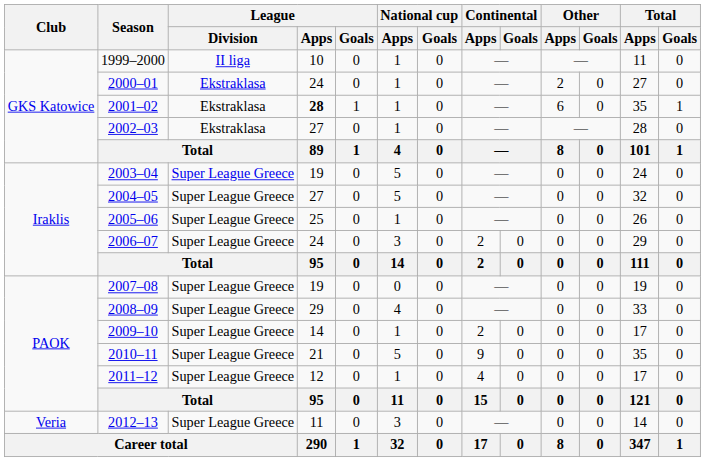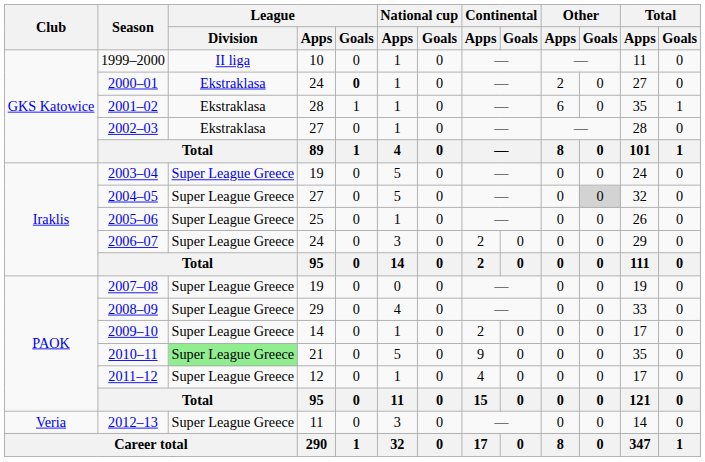 <table class="wikitable" style="text-align: center;">
 <tr>
 <th rowspan=2>Club</th>
 <th rowspan=2>Season</th>
 <th colspan=3>League</th>
 <th colspan=2>National cup</th>
 <th colspan=2>Continental</th>
 <th colspan=2>Other</th>
 <th colspan=2>Total</th>
 </tr>
 <tr>
 <th>Division</th>
 <th>Apps</th>
 <th>Goals</th>
 <th>Apps</th>
 <th>Goals</th>
 <th>Apps</th>
 <th>Goals</th>
 <th>Apps</th>
 <th>Goals</th>
 <th>Apps</th>
 <th>Goals</th>
 </tr>
 <tr>
 <td rowspan="5"><a href='#'>GKS Katowice</a></td>
 <td>1999–2000</td>
 <td rowspan="1"><a href='#'>II liga</a></td>
 <td>10</td>
 <td>0</td>
 <td>1</td>
 <td>0</td>
 <td colspan="2">—</td>
 <td colspan="2">—</td>
 <td>11</td>
 <td>0</td>
 </tr>
 <tr>
 <td><a href='#'>2000–01</a></td>
 <td><a href='#'>Ekstraklasa</a></td>
 <td>24</td>
-<td>0</td>
+<td><strong>0</strong></td>
 <td>1</td>
 <td>0</td>
 <td colspan="2">—</td>
 <td>2</td>
 <td>0</td>
 <td>27</td>
 <td>0</td>
 </tr>
 <tr>
 <td><a href='#'>2001–02</a></td>
 <td>Ekstraklasa</td>
-<td><strong>28</strong></td>
+<td>28</td>
 <td>1</td>
 <td>1</td>
 <td>0</td>
 <td colspan="2">—</td>
 <td>6</td>
 <td>0</td>
 <td>35</td>
 <td>1</td>
 </tr>
 <tr>
 <td><a href='#'>2002–03</a></td>
 <td>Ekstraklasa</td>
 <td>27</td>
 <td>0</td>
 <td>1</td>
 <td>0</td>
 <td colspan="2">—</td>
 <td colspan="2">—</td>
 <td>28</td>
 <td>0</td>
 </tr>
 <tr>
 <th colspan="2">Total</th>
 <th>89</th>
 <th>1</th>
 <th>4</th>
 <th>0</th>
 <th colspan="2">—</th>
 <th>8</th>
 <th>0</th>
 <th>101</th>
 <th>1</th>
 </tr>
 <tr>
 <td rowspan="5"><a href='#'>Iraklis</a></td>
 <td><a href='#'>2003–04</a></td>
 <td><a href='#'>Super League Greece</a></td>
 <td>19</td>
 <td>0</td>
 <td>5</td>
 <td>0</td>
 <td colspan="2">—</td>
 <td>0</td>
 <td>0</td>
 <td>24</td>
 <td>0</td>
 </tr>
 <tr>
 <td><a href='#'>2004–05</a></td>
 <td>Super League Greece</td>
 <td>27</td>
 <td>0</td>
 <td>5</td>
 <td>0</td>
 <td colspan="2">—</td>
 <td>0</td>
-<td>0</td>
+<td style="background: lightgrey;">0</td>
 <td>32</td>
 <td>0</td>
 </tr>
 <tr>
 <td><a href='#'>2005–06</a></td>
 <td>Super League Greece</td>
 <td>25</td>
 <td>0</td>
 <td>1</td>
 <td>0</td>
 <td colspan="2">—</td>
 <td>0</td>
 <td>0</td>
 <td>26</td>
 <td>0</td>
 </tr>
 <tr>
 <td><a href='#'>2006–07</a></td>
 <td>Super League Greece</td>
 <td>24</td>
 <td>0</td>
 <td>3</td>
 <td>0</td>
 <td>2</td>
 <td>0</td>
 <td>0</td>
 <td>0</td>
 <td>29</td>
 <td>0</td>
 </tr>
 <tr>
 <th colspan="2">Total</th>
 <th>95</th>
 <th>0</th>
 <th>14</th>
 <th>0</th>
 <th>2</th>
 <th>0</th>
 <th>0</th>
 <th>0</th>
 <th>111</th>
 <th>0</th>
 </tr>
 <tr>
 <td rowspan="6"><a href='#'>PAOK</a></td>
 <td><a href='#'>2007–08</a></td>
 <td>Super League Greece</td>
 <td>19</td>
 <td>0</td>
 <td>0</td>
 <td>0</td>
 <td colspan="2">—</td>
 <td>0</td>
 <td>0</td>
 <td>19</td>
 <td>0</td>
 </tr>
 <tr>
 <td><a href='#'>2008–09</a></td>
 <td>Super League Greece</td>
 <td>29</td>
 <td>0</td>
 <td>4</td>
 <td>0</td>
 <td colspan="2">—</td>
 <td>0</td>
 <td>0</td>
 <td>33</td>
 <td>0</td>
 </tr>
 <tr>
 <td><a href='#'>2009–10</a></td>
 <td>Super League Greece</td>
 <td>14</td>
 <td>0</td>
 <td>1</td>
 <td>0</td>
 <td>2</td>
 <td>0</td>
 <td>0</td>
 <td>0</td>
 <td>17</td>
 <td>0</td>
 </tr>
 <tr>
 <td><a href='#'>2010–11</a></td>
-<td>Super League Greece</td>
+<td style="background: lightgreen;">Super League Greece</td>
 <td>21</td>
 <td>0</td>
 <td>5</td>
 <td>0</td>
 <td>9</td>
 <td>0</td>
 <td>0</td>
 <td>0</td>
 <td>35</td>
 <td>0</td>
 </tr>
 <tr>
 <td><a href='#'>2011–12</a></td>
 <td>Super League Greece</td>
 <td>12</td>
 <td>0</td>
 <td>1</td>
 <td>0</td>
 <td>4</td>
 <td>0</td>
 <td>0</td>
 <td>0</td>
 <td>17</td>
 <td>0</td>
 </tr>
 <tr>
 <th colspan="2">Total</th>
 <th>95</th>
 <th>0</th>
 <th>11</th>
 <th>0</th>
 <th>15</th>
 <th>0</th>
 <th>0</th>
 <th>0</th>
 <th>121</th>
 <th>0</th>
 </tr>
 <tr>
 <td><a href='#'>Veria</a></td>
 <td><a href='#'>2012–13</a></td>
 <td>Super League Greece</td>
 <td>11</td>
 <td>0</td>
 <td>3</td>
 <td>0</td>
 <td colspan="2">—</td>
 <td>0</td>
 <td>0</td>
 <td>14</td>
 <td>0</td>
 </tr>
 <tr>
 <th colspan=3>Career total</th>
 <th>290</th>
 <th>1</th>
 <th>32</th>
 <th>0</th>
 <th>17</th>
 <th>0</th>
 <th>8</th>
 <th>0</th>
 <th>347</th>
 <th>1</th>
 </tr>
 </table>
